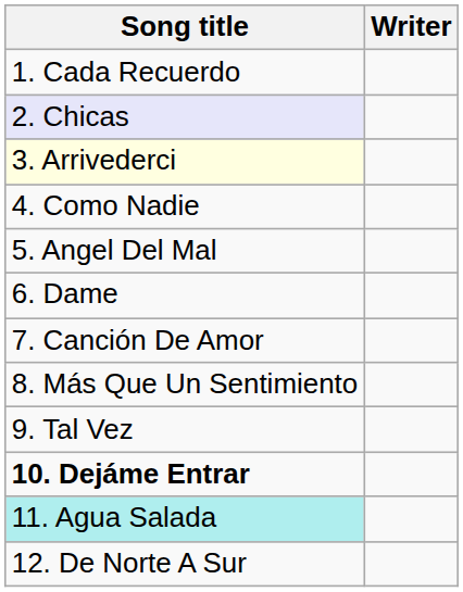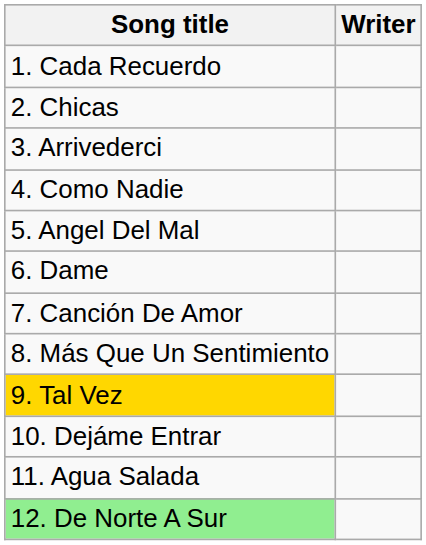 <table class="wikitable">
 <tr>
 <th>Song title</th>
 <th>Writer</th>
 </tr>
 <tr>
 <td>1. Cada Recuerdo</td>
 <td></td>
 </tr>
 <tr>
-<td style="background: lavender;">2. Chicas</td>
+<td>2. Chicas</td>
 <td></td>
 </tr>
 <tr>
-<td style="background: lightyellow;">3. Arrivederci</td>
+<td>3. Arrivederci</td>
 <td></td>
 </tr>
 <tr>
 <td>4. Como Nadie</td>
 <td></td>
 </tr>
 <tr>
 <td>5. Angel Del Mal</td>
 <td></td>
 </tr>
 <tr>
 <td>6. Dame</td>
 <td></td>
 </tr>
 <tr>
 <td>7. Canción De Amor</td>
 <td></td>
 </tr>
 <tr>
 <td>8. Más Que Un Sentimiento</td>
 <td></td>
 </tr>
 <tr>
-<td>9. Tal Vez</td>
+<td style="background: gold;">9. Tal Vez</td>
 <td></td>
 </tr>
 <tr>
-<td><strong>10. Dejáme Entrar</strong></td>
+<td>10. Dejáme Entrar</td>
 <td></td>
 </tr>
 <tr>
-<td style="background: paleturquoise;">11. Agua Salada</td>
+<td>11. Agua Salada</td>
 <td></td>
 </tr>
 <tr>
-<td>12. De Norte A Sur</td>
+<td style="background: lightgreen;">12. De Norte A Sur</td>
 <td></td>
 </tr>
 </table>
